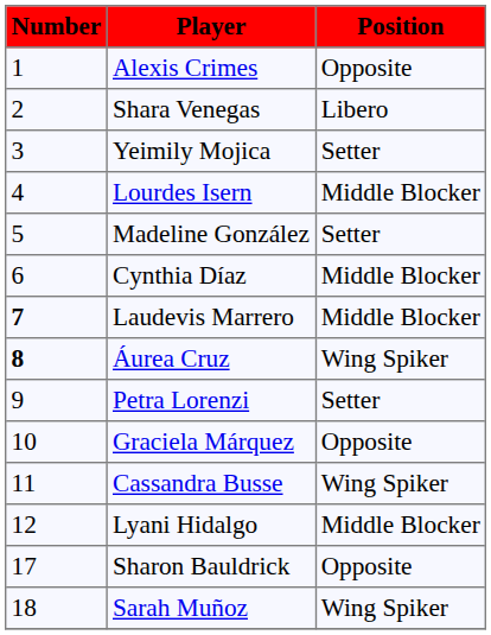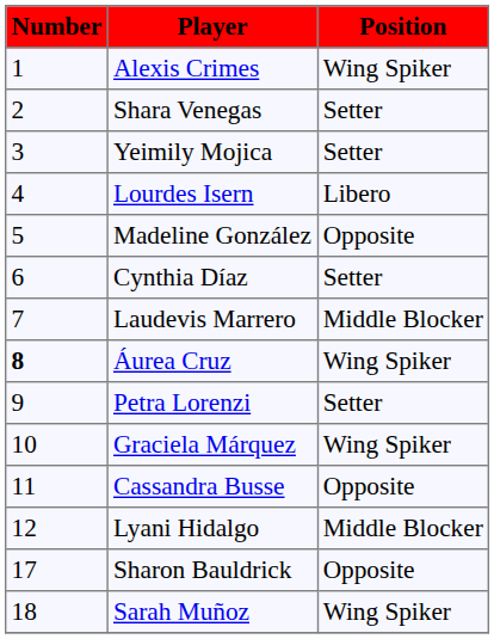 <table bgcolor="#f7f8ff" cellpadding="3" cellspacing="0" border="1" style="font-size: 95%; border: gray solid 1px; border-collapse: collapse;">
 <tr bgcolor="#ff0000">
 <td align=center><strong>Number</strong></td>
 <td align=center><strong>Player</strong></td>
 <td align=center><strong>Position</strong></td>
 </tr>
 <tr align="left">
 <td>1</td>
 <td> <a href='#'>Alexis Crimes</a></td>
-<td>Opposite</td>
+<td>Wing Spiker</td>
 </tr>
 <tr align=left>
 <td>2</td>
 <td> Shara Venegas</td>
-<td>Libero</td>
+<td>Setter</td>
 </tr>
 <tr align="left">
 <td>3</td>
 <td> Yeimily Mojica</td>
 <td>Setter</td>
 </tr>
 <tr align="left">
 <td>4</td>
 <td> <a href='#'>Lourdes Isern</a></td>
-<td>Middle Blocker</td>
+<td>Libero</td>
 </tr>
 <tr align="left">
 <td>5</td>
 <td> Madeline González</td>
-<td>Setter</td>
+<td>Opposite</td>
 </tr>
 <tr align="left">
 <td>6</td>
 <td> Cynthia Díaz</td>
-<td>Middle Blocker</td>
+<td>Setter</td>
 </tr>
 <tr align="left">
-<td><strong>7</strong></td>
+<td>7</td>
 <td> Laudevis Marrero</td>
 <td>Middle Blocker</td>
 </tr>
 <tr align="left">
 <td><strong>8</strong></td>
 <td> <a href='#'>Áurea Cruz</a></td>
 <td>Wing Spiker</td>
 </tr>
 <tr align="left">
 <td>9</td>
 <td> <a href='#'>Petra Lorenzi</a></td>
 <td>Setter</td>
 </tr>
 <tr align="left">
 <td>10</td>
 <td> <a href='#'>Graciela Márquez</a></td>
-<td>Opposite</td>
+<td>Wing Spiker</td>
 </tr>
 <tr align="left">
 <td>11</td>
 <td> <a href='#'>Cassandra Busse</a></td>
-<td>Wing Spiker</td>
+<td>Opposite</td>
 </tr>
 <tr align="left">
 <td>12</td>
 <td> Lyani Hidalgo</td>
 <td>Middle Blocker</td>
 </tr>
 <tr align="left">
 <td>17</td>
 <td> Sharon Bauldrick</td>
 <td>Opposite</td>
 </tr>
 <tr align="left">
 <td>18</td>
 <td> <a href='#'>Sarah Muñoz</a></td>
 <td>Wing Spiker</td>
 </tr>
 <tr align="left">
 </tr>
 </table>
